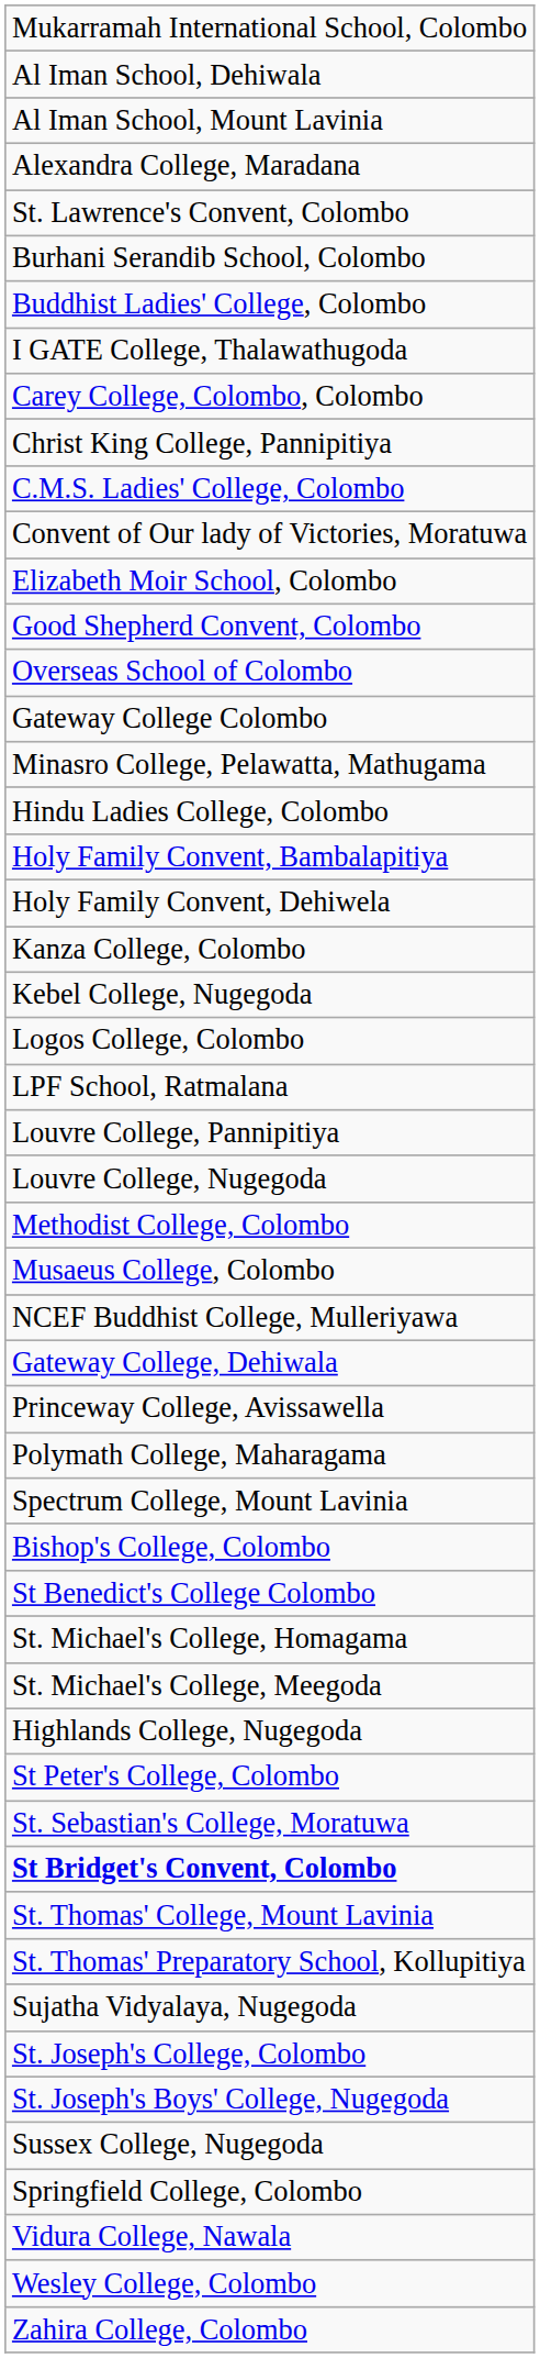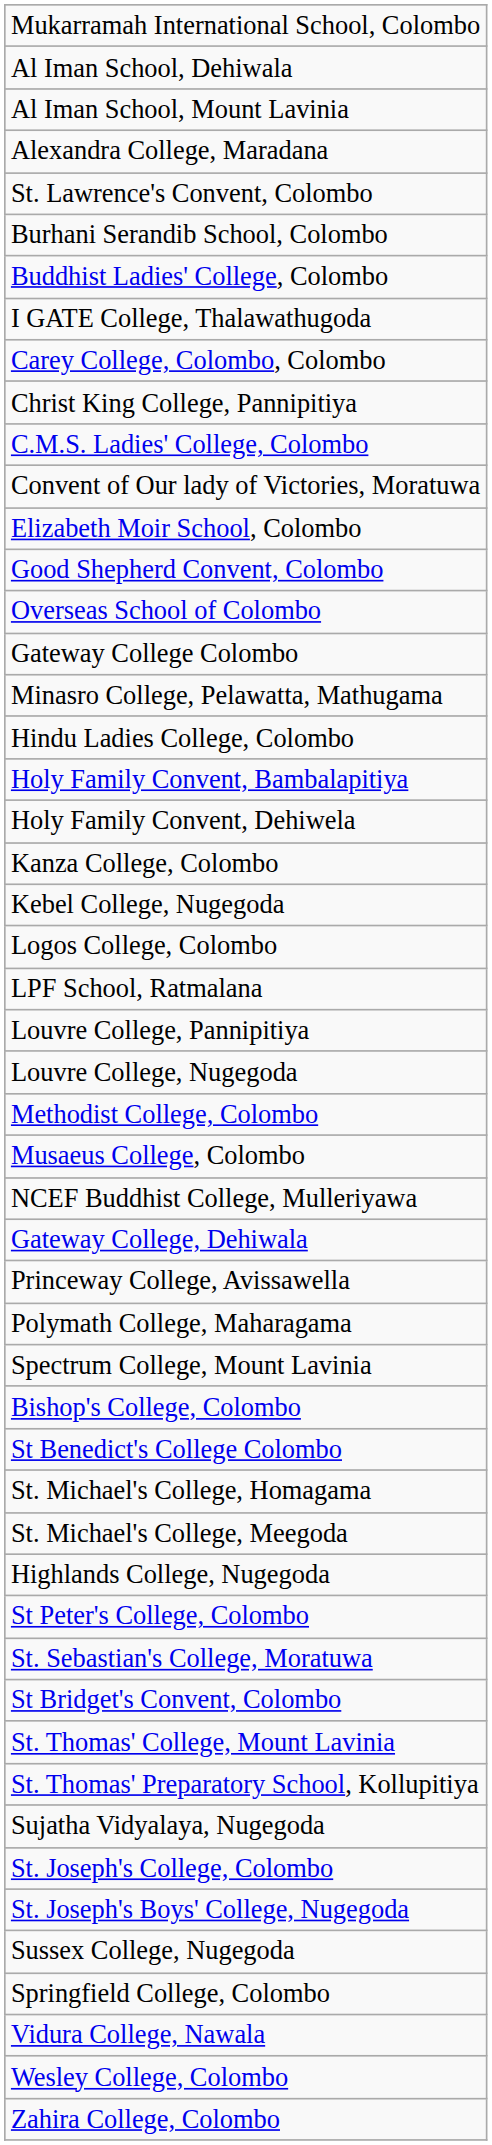 <table class="wikitable">
 <tr>
 <td>Mukarramah International School, Colombo</td>
 </tr>
 <tr>
 <td>Al Iman School, Dehiwala</td>
 </tr>
 <tr>
 <td>Al Iman School, Mount Lavinia</td>
 </tr>
 <tr>
 <td>Alexandra College, Maradana</td>
 </tr>
 <tr>
 <td>St. Lawrence's Convent, Colombo</td>
 </tr>
 <tr>
 <td>Burhani Serandib School, Colombo</td>
 </tr>
 <tr>
 <td><a href='#'>Buddhist Ladies' College</a>, Colombo</td>
 </tr>
 <tr>
 <td>I GATE College, Thalawathugoda</td>
 </tr>
 <tr>
 <td><a href='#'>Carey College, Colombo</a>, Colombo</td>
 </tr>
 <tr>
 <td>Christ King College, Pannipitiya</td>
 </tr>
 <tr>
 <td><a href='#'>C.M.S. Ladies' College, Colombo</a></td>
 </tr>
 <tr>
 <td>Convent of Our lady of Victories, Moratuwa</td>
 </tr>
 <tr>
 <td><a href='#'>Elizabeth Moir School</a>, Colombo</td>
 </tr>
 <tr>
 <td><a href='#'>Good Shepherd Convent, Colombo</a></td>
 </tr>
 <tr>
 <td><a href='#'>Overseas School of Colombo</a></td>
 </tr>
 <tr>
 <td>Gateway College Colombo</td>
 </tr>
 <tr>
 <td>Minasro College, Pelawatta, Mathugama</td>
 </tr>
 <tr>
 <td>Hindu Ladies College, Colombo</td>
 </tr>
 <tr>
 <td><a href='#'>Holy Family Convent, Bambalapitiya</a></td>
 </tr>
 <tr>
 <td>Holy Family Convent, Dehiwela</td>
 </tr>
 <tr>
 <td>Kanza College, Colombo</td>
 </tr>
 <tr>
 <td>Kebel College, Nugegoda</td>
 </tr>
 <tr>
 <td>Logos College, Colombo</td>
 </tr>
 <tr>
 <td>LPF School, Ratmalana</td>
 </tr>
 <tr>
 <td>Louvre College, Pannipitiya</td>
 </tr>
 <tr>
 <td>Louvre College, Nugegoda</td>
 </tr>
 <tr>
 <td><a href='#'>Methodist College, Colombo</a></td>
 </tr>
 <tr>
 <td><a href='#'>Musaeus College</a>, Colombo</td>
 </tr>
 <tr>
 <td>NCEF Buddhist College, Mulleriyawa</td>
 </tr>
 <tr>
 <td><a href='#'>Gateway College, Dehiwala</a></td>
 </tr>
 <tr>
 <td>Princeway College, Avissawella</td>
 </tr>
 <tr>
 <td>Polymath College, Maharagama</td>
 </tr>
 <tr>
 <td>Spectrum College, Mount Lavinia</td>
 </tr>
 <tr>
 <td><a href='#'>Bishop's College, Colombo</a></td>
 </tr>
 <tr>
 <td><a href='#'>St Benedict's College Colombo</a></td>
 </tr>
 <tr>
 <td>St. Michael's College, Homagama</td>
 </tr>
 <tr>
 <td>St. Michael's College, Meegoda</td>
 </tr>
 <tr>
 <td>Highlands College, Nugegoda</td>
 </tr>
 <tr>
 <td><a href='#'>St Peter's College, Colombo</a></td>
 </tr>
 <tr>
 <td><a href='#'>St. Sebastian's College, Moratuwa</a></td>
 </tr>
 <tr>
-<td><strong><a href='#'>St Bridget's Convent, Colombo</a></strong></td>
+<td><a href='#'>St Bridget's Convent, Colombo</a></td>
 </tr>
 <tr>
 <td><a href='#'>St. Thomas' College, Mount Lavinia</a></td>
 </tr>
 <tr>
 <td><a href='#'>St. Thomas' Preparatory School</a>, Kollupitiya</td>
 </tr>
 <tr>
 <td>Sujatha Vidyalaya, Nugegoda</td>
 </tr>
 <tr>
 <td><a href='#'>St. Joseph's College, Colombo</a></td>
 </tr>
 <tr>
 <td><a href='#'>St. Joseph's Boys' College, Nugegoda</a></td>
 </tr>
 <tr>
 <td>Sussex College, Nugegoda</td>
 </tr>
 <tr>
 <td>Springfield College, Colombo</td>
 </tr>
 <tr>
 <td><a href='#'>Vidura College, Nawala</a></td>
 </tr>
 <tr>
 <td><a href='#'>Wesley College, Colombo</a></td>
 </tr>
 <tr>
 <td><a href='#'>Zahira College, Colombo</a></td>
 </tr>
 </table>
